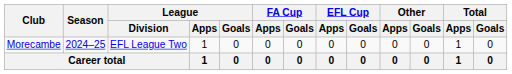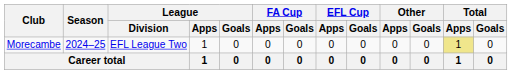 <table class="wikitable" style="text-align:center;">
 <tr>
 <th rowspan="2">Club</th>
 <th rowspan="2">Season</th>
 <th colspan="3">League</th>
 <th colspan="2"><a href='#'>FA Cup</a></th>
 <th colspan="2"><a href='#'>EFL Cup</a></th>
 <th colspan="2">Other</th>
 <th colspan="2">Total</th>
 </tr>
 <tr>
 <th>Division</th>
 <th>Apps</th>
 <th>Goals</th>
 <th>Apps</th>
 <th>Goals</th>
 <th>Apps</th>
 <th>Goals</th>
 <th>Apps</th>
 <th>Goals</th>
 <th>Apps</th>
 <th>Goals</th>
 </tr>
 <tr>
 <td><a href='#'>Morecambe</a></td>
 <td><a href='#'>2024–25</a></td>
 <td><a href='#'>EFL League Two</a></td>
 <td>1</td>
 <td>0</td>
 <td>0</td>
 <td>0</td>
 <td>0</td>
 <td>0</td>
 <td>0</td>
 <td>0</td>
-<td>1</td>
+<td style="background: khaki;">1</td>
 <td>0</td>
 </tr>
 <tr>
 <th colspan="3">Career total</th>
 <th>1</th>
 <th>0</th>
 <th>0</th>
 <th>0</th>
 <th>0</th>
 <th>0</th>
 <th>0</th>
 <th>0</th>
 <th>1</th>
 <th>0</th>
 </tr>
 </table>
